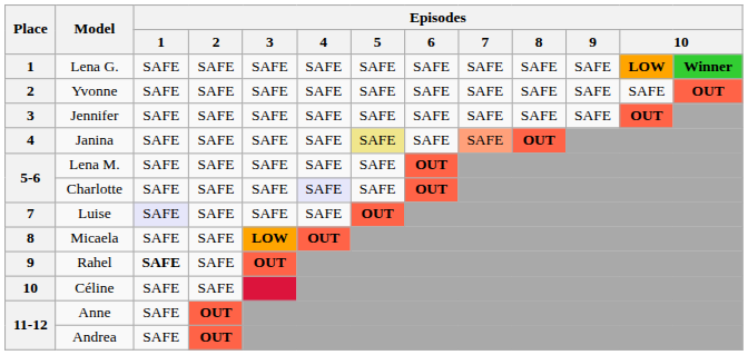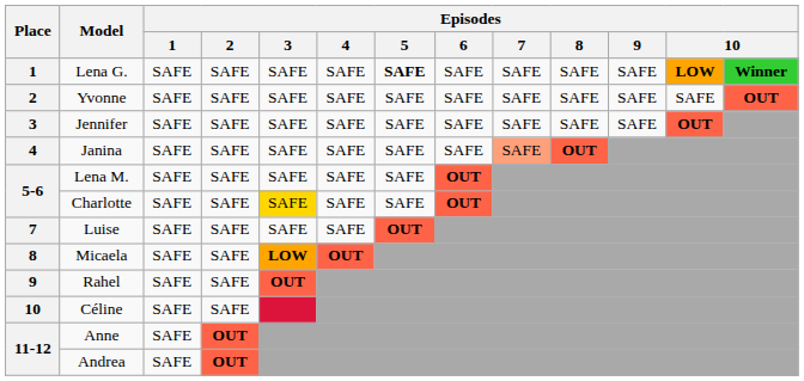 <table class="wikitable" style="width:50%; text-align:center; font-size:80%;">
 <tr>
 <th rowspan="2">Place</th>
 <th rowspan="2">Model</th>
 <th colspan="11">Episodes</th>
 </tr>
 <tr>
 <th>1</th>
 <th>2</th>
 <th>3</th>
 <th>4</th>
 <th>5</th>
 <th>6</th>
 <th>7</th>
 <th>8</th>
 <th>9</th>
 <th colspan="2">10</th>
 </tr>
 <tr>
 <th>1</th>
 <td>Lena G.</td>
 <td>SAFE</td>
 <td>SAFE</td>
 <td>SAFE</td>
 <td>SAFE</td>
-<td>SAFE</td>
+<td><strong>SAFE</strong></td>
 <td>SAFE</td>
 <td>SAFE</td>
 <td>SAFE</td>
 <td>SAFE</td>
 <td bgcolor="orange"><strong>LOW</strong></td>
 <td bgcolor="limegreen"><strong>Winner</strong></td>
 </tr>
 <tr>
 <th>2</th>
 <td>Yvonne</td>
 <td>SAFE</td>
 <td>SAFE</td>
 <td>SAFE</td>
 <td>SAFE</td>
 <td>SAFE</td>
 <td>SAFE</td>
 <td>SAFE</td>
 <td>SAFE</td>
 <td>SAFE</td>
 <td>SAFE</td>
 <td style="background:tomato"><strong>OUT</strong></td>
 </tr>
 <tr>
 <th>3</th>
 <td>Jennifer</td>
 <td>SAFE</td>
 <td>SAFE</td>
 <td>SAFE</td>
 <td>SAFE</td>
 <td>SAFE</td>
 <td>SAFE</td>
 <td>SAFE</td>
 <td>SAFE</td>
 <td>SAFE</td>
 <td style="background:tomato"><strong>OUT</strong></td>
 <td colspan="1" style="background:darkgray"></td>
 </tr>
 <tr>
 <th>4</th>
 <td>Janina</td>
 <td>SAFE</td>
 <td>SAFE</td>
 <td>SAFE</td>
 <td>SAFE</td>
-<td style="background: khaki;">SAFE</td>
+<td>SAFE</td>
 <td>SAFE</td>
 <td style="background: lightsalmon;">SAFE</td>
 <td style="background:tomato"><strong>OUT</strong></td>
 <td colspan="4" style="background:darkgray"></td>
 </tr>
 <tr>
 <th rowspan="2">5-6</th>
 <td>Lena M.</td>
 <td>SAFE</td>
 <td>SAFE</td>
 <td>SAFE</td>
 <td>SAFE</td>
 <td>SAFE</td>
 <td style="background:tomato"><strong>OUT</strong></td>
 <td colspan="5" style="background:darkgray"></td>
 </tr>
 <tr>
 <td>Charlotte</td>
 <td>SAFE</td>
 <td>SAFE</td>
+<td style="background: gold;">SAFE</td>
 <td>SAFE</td>
-<td style="background: lavender;">SAFE</td>
 <td>SAFE</td>
 <td style="background:tomato"><strong>OUT</strong></td>
 <td colspan="5" style="background:darkgray"></td>
 </tr>
 <tr>
 <th>7</th>
 <td>Luise</td>
-<td style="background: lavender;">SAFE</td>
+<td>SAFE</td>
 <td>SAFE</td>
 <td>SAFE</td>
 <td>SAFE</td>
 <td style="background:tomato"><strong>OUT</strong></td>
 <td colspan="6" style="background:darkgray"></td>
 </tr>
 <tr>
 <th>8</th>
 <td>Micaela</td>
 <td>SAFE</td>
 <td>SAFE</td>
 <td style="background:orange"><strong>LOW</strong></td>
 <td style="background:tomato"><strong>OUT</strong></td>
 <td colspan="7" style="background:darkgray"></td>
 </tr>
 <tr>
 <th>9</th>
 <td>Rahel</td>
-<td><strong>SAFE</strong></td>
+<td>SAFE</td>
 <td>SAFE</td>
 <td style="background:tomato"><strong>OUT</strong></td>
 <td colspan="8" style="background:darkgray"></td>
 </tr>
 <tr>
 <th>10</th>
 <td>Céline</td>
 <td>SAFE</td>
 <td>SAFE</td>
 <td style="background:crimson"><strong></strong></td>
 <td colspan="8" style="background:darkgray"></td>
 </tr>
 <tr>
 <th rowspan="2">11-12</th>
 <td>Anne</td>
 <td>SAFE</td>
 <td style="background:tomato"><strong>OUT</strong></td>
 <td colspan="9" style="background:darkgray"></td>
 </tr>
 <tr>
 <td>Andrea</td>
 <td>SAFE</td>
 <td style="background:tomato"><strong>OUT</strong></td>
 <td colspan="9" style="background:darkgray"></td>
 </tr>
 </table>
